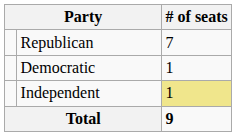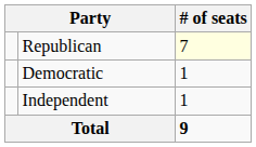 <table class="wikitable sortable">
 <tr>
 <th colspan="2" style="width:150px;">Party</th>
 <th># of seats</th>
 </tr>
 <tr>
 <td></td>
 <td>Republican</td>
-<td>7</td>
+<td style="background: lightyellow;">7</td>
 </tr>
 <tr>
 <td></td>
 <td>Democratic</td>
 <td>1</td>
 </tr>
 <tr>
 <td></td>
 <td>Independent</td>
-<td style="background: khaki;">1</td>
+<td>1</td>
 </tr>
 <tr>
 <th colspan=2>Total</th>
 <td><strong>9</strong></td>
 </tr>
 <tr>
 </tr>
 </table>
